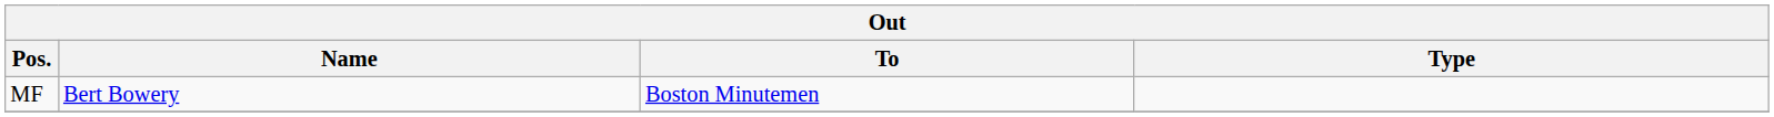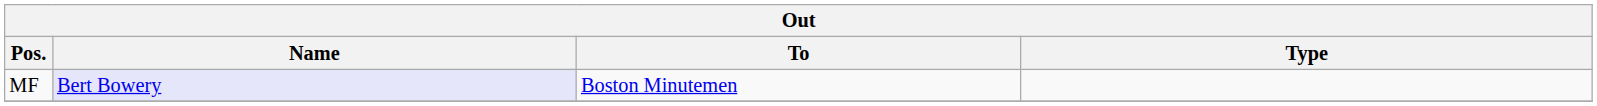 <table class="wikitable" style="font-size:100%;width:99%;">
 <tr>
 <th colspan="4">Out</th>
 </tr>
 <tr>
 <th width=3%>Pos.</th>
 <th width=33%>Name</th>
 <th width=28%>To</th>
 <th width=36%>Type</th>
 </tr>
 <tr>
 <td>MF</td>
-<td><a href='#'>Bert Bowery</a></td>
+<td style="background: lavender;"><a href='#'>Bert Bowery</a></td>
 <td><a href='#'>Boston Minutemen</a></td>
 <td></td>
 </tr>
 <tr>
 </tr>
 </table>
